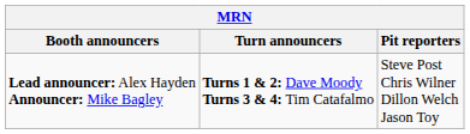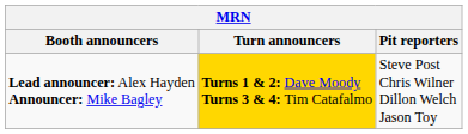 <table class="wikitable" style="font-size: 95%;">
 <tr>
 <th colspan="3"><a href='#'>MRN</a></th>
 </tr>
 <tr>
 <th>Booth announcers</th>
 <th>Turn announcers</th>
 <th>Pit reporters</th>
 </tr>
 <tr>
 <td><strong>Lead announcer:</strong> Alex Hayden<br><strong>Announcer:</strong> <a href='#'>Mike Bagley</a></td>
-<td><strong>Turns 1 & 2: </strong> <a href='#'>Dave Moody</a><br><strong>Turns 3 & 4: </strong> Tim Catafalmo</td>
+<td style="background: gold;"><strong>Turns 1 & 2: </strong> <a href='#'>Dave Moody</a><br><strong>Turns 3 & 4: </strong> Tim Catafalmo</td>
 <td>Steve Post<br>Chris Wilner<br>Dillon Welch<br>Jason Toy</td>
 </tr>
 </table>
